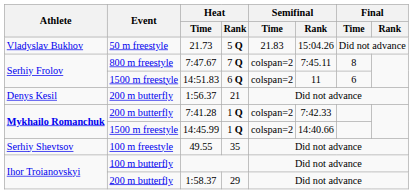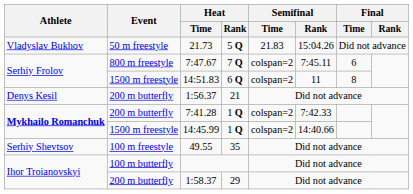 <table class=wikitable style="font-size:90%">
 <tr>
 <th rowspan="2">Athlete</th>
 <th rowspan="2">Event</th>
 <th colspan="2">Heat</th>
 <th colspan="2">Semifinal</th>
 <th colspan="2">Final</th>
 </tr>
 <tr style="font-size:95%">
 <th>Time</th>
 <th>Rank</th>
 <th>Time</th>
 <th>Rank</th>
 <th>Time</th>
 <th>Rank</th>
 </tr>
 <tr align=center>
 <td align=left><a href='#'>Vladyslav Bukhov</a></td>
 <td align=left><a href='#'>50 m freestyle</a></td>
 <td>21.73</td>
 <td>5 <strong>Q</strong></td>
 <td>21.83</td>
 <td>15:04.26</td>
 <td colspan="2">Did not advance</td>
 </tr>
 <tr align=center>
 <td align=left rowspan=2><a href='#'>Serhiy Frolov</a></td>
 <td align=left><a href='#'>800 m freestyle</a></td>
 <td>7:47.67</td>
 <td>7 <strong>Q</strong></td>
 <td>colspan=2 </td>
 <td>7:45.11</td>
-<td>8</td>
+<td>6</td>
 </tr>
 <tr align=center>
 <td align=left><a href='#'>1500 m freestyle</a></td>
 <td>14:51.83</td>
 <td>6 <strong>Q</strong></td>
 <td>colspan=2 </td>
 <td>11</td>
-<td>6</td>
+<td>8</td>
 </tr>
 <tr align=center>
 <td align=left><a href='#'>Denys Kesil</a></td>
 <td align=left><a href='#'>200 m butterfly</a></td>
 <td>1:56.37</td>
 <td>21</td>
 <td colspan="4">Did not advance</td>
 </tr>
 <tr align=center>
 <td align=left rowspan=2><strong><a href='#'>Mykhailo Romanchuk</a></strong></td>
 <td align=left><a href='#'>200 m butterfly</a></td>
 <td>7:41.28</td>
 <td>1 <strong>Q</strong></td>
 <td>colspan=2 </td>
 <td>7:42.33</td>
 <td></td>
 </tr>
 <tr align=center>
 <td align=left><a href='#'>1500 m freestyle</a></td>
 <td>14:45.99</td>
 <td>1 <strong>Q</strong></td>
 <td>colspan=2 </td>
 <td>14:40.66</td>
 <td></td>
 </tr>
 <tr align=center>
 <td align=left><a href='#'>Serhiy Shevtsov</a></td>
 <td align=left><a href='#'>100 m freestyle</a></td>
 <td>49.55</td>
 <td>35</td>
 <td colspan="4">Did not advance</td>
 </tr>
 <tr align=center>
 <td align=left rowspan=2><a href='#'>Ihor Troianovskyi</a></td>
 <td align=left><a href='#'>100 m butterfly</a></td>
 <td colspan="2"></td>
 <td colspan="4">Did not advance</td>
 </tr>
 <tr align=center>
 <td align=left><a href='#'>200 m butterfly</a></td>
 <td>1:58.37</td>
 <td>29</td>
 <td colspan="4">Did not advance</td>
 </tr>
 </table>
